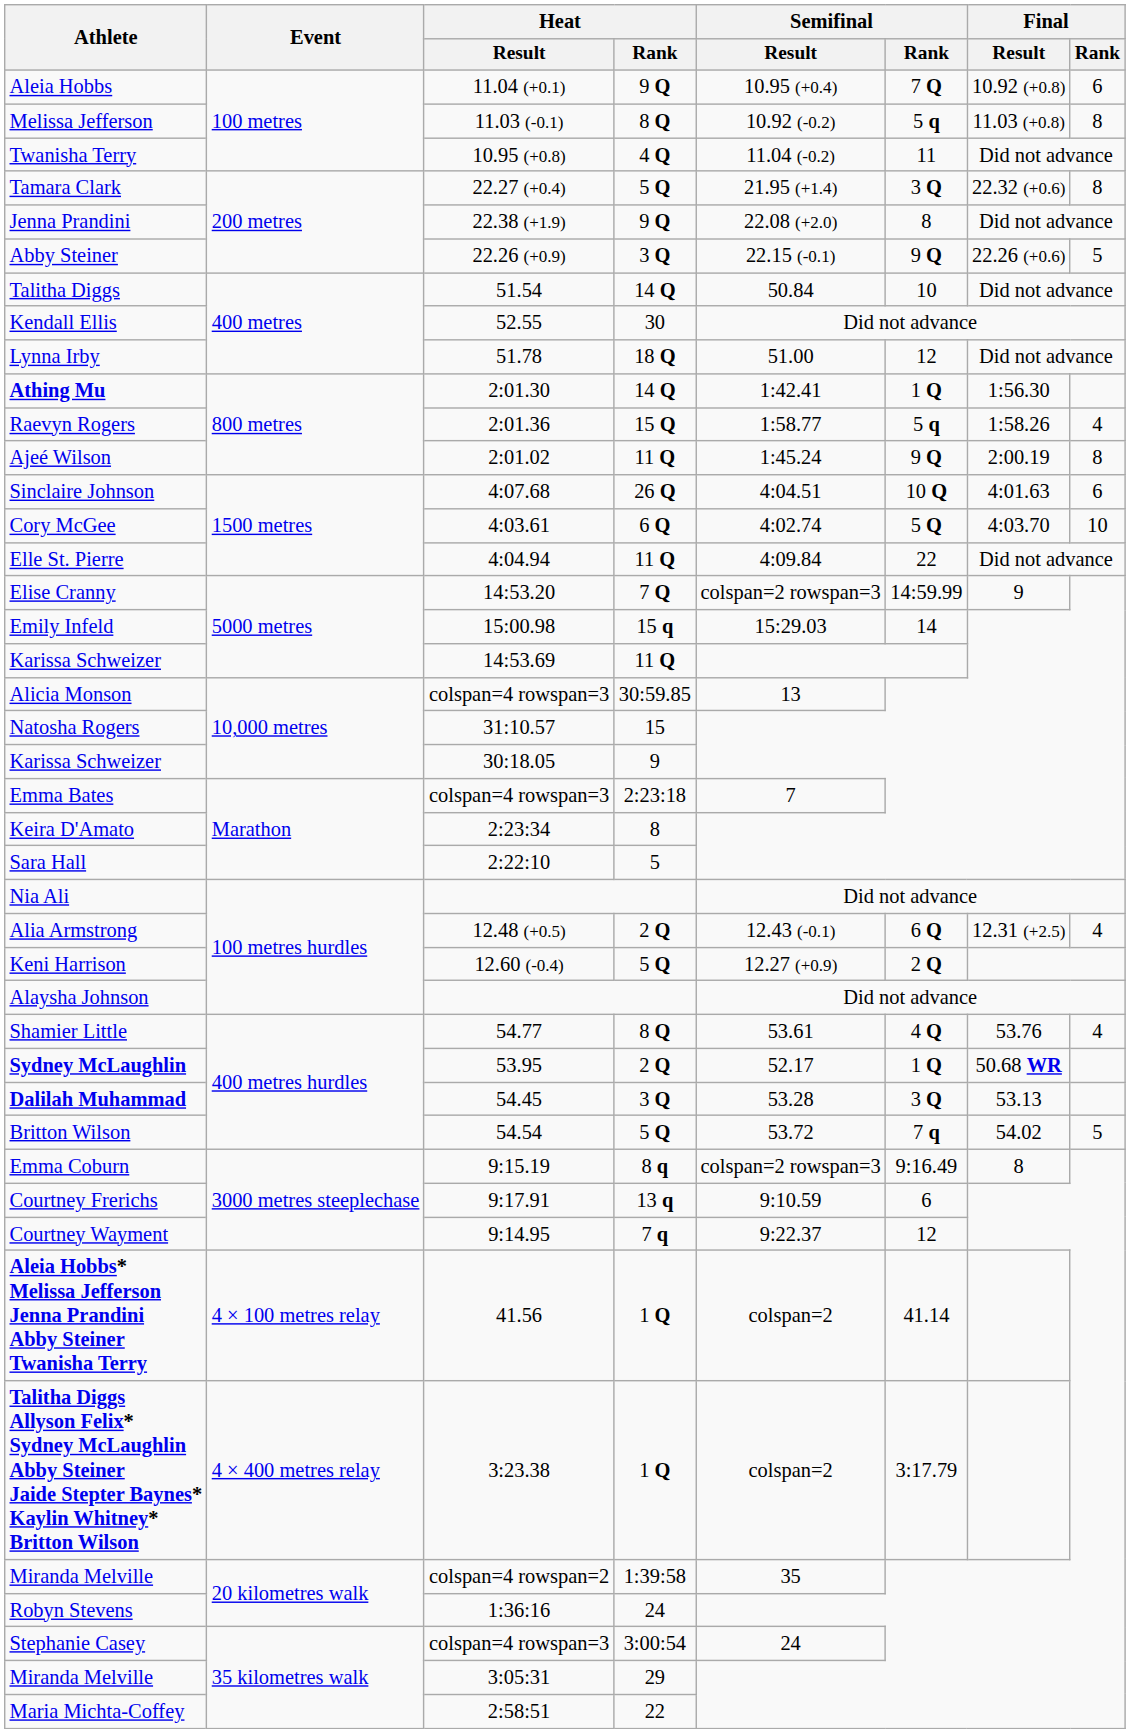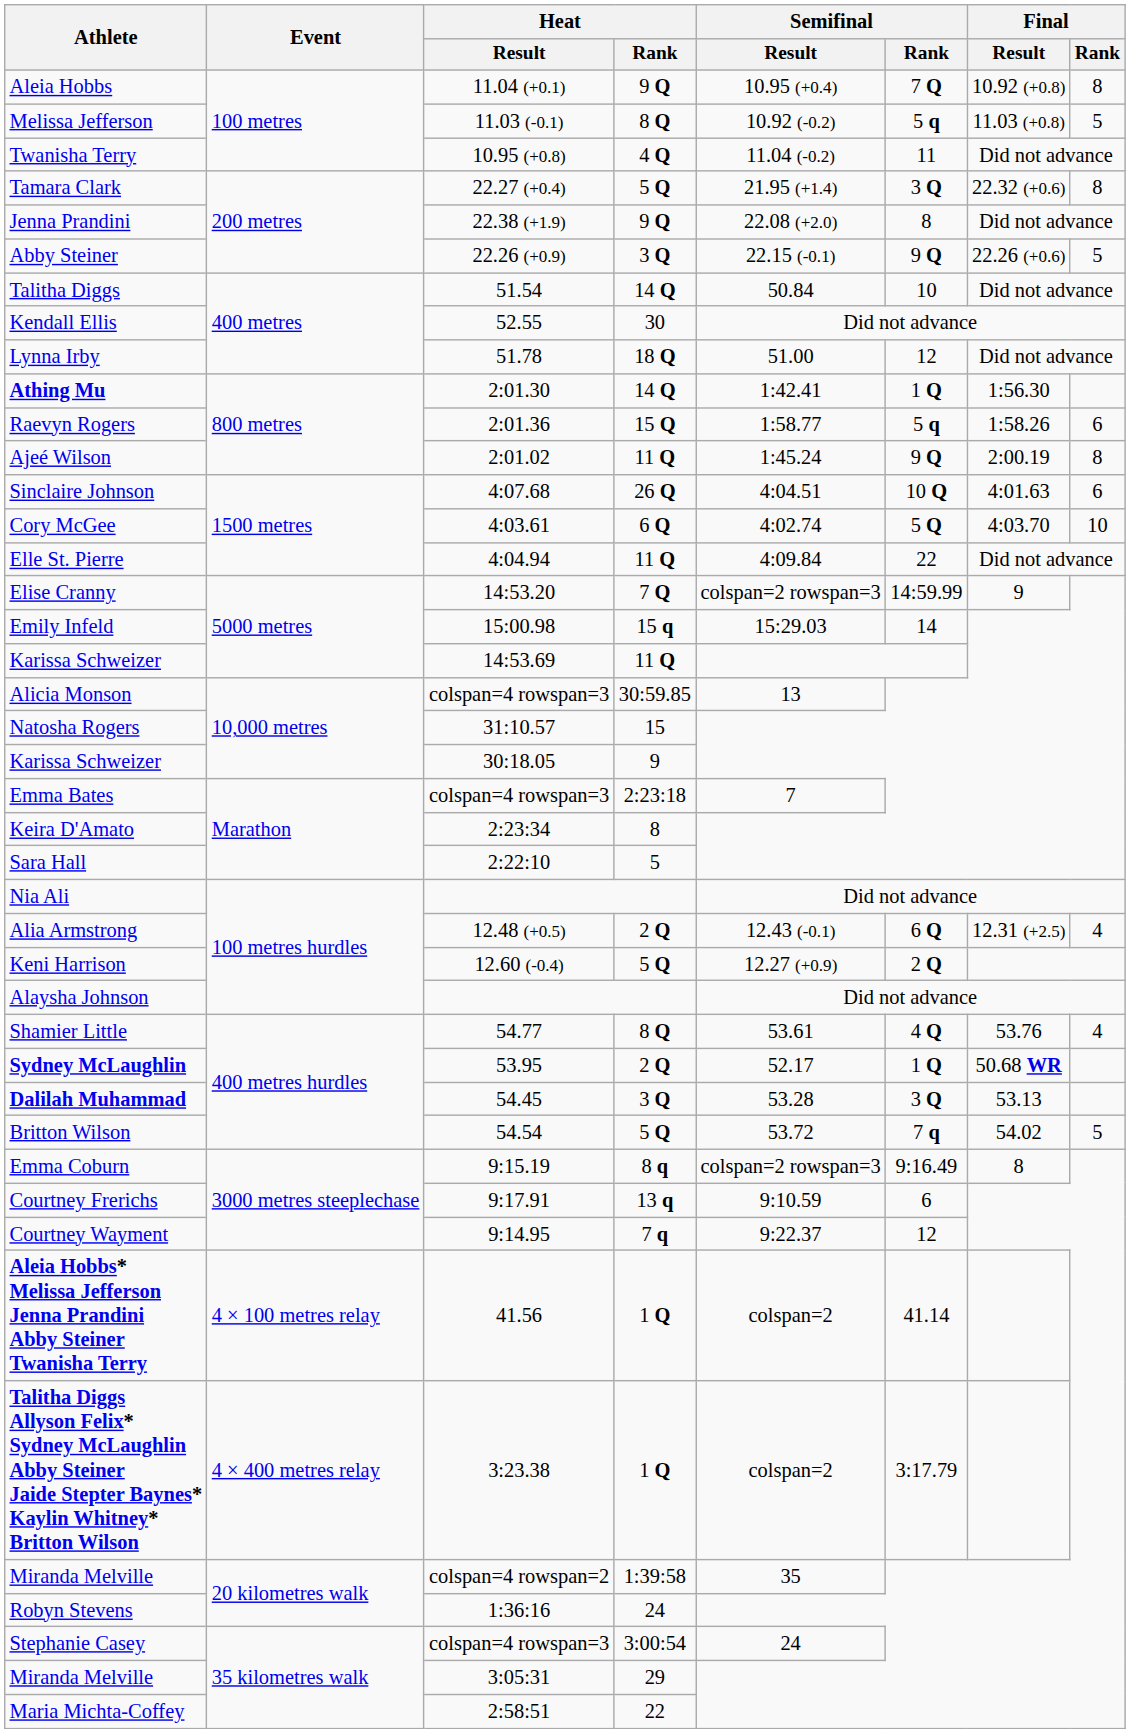 <table class="wikitable" style="font-size:90%">
 <tr>
 <th rowspan="2">Athlete</th>
 <th rowspan="2">Event</th>
 <th colspan="2">Heat</th>
 <th colspan="2">Semifinal</th>
 <th colspan="2">Final</th>
 </tr>
 <tr style="font-size:95%">
 <th>Result</th>
 <th>Rank</th>
 <th>Result</th>
 <th>Rank</th>
 <th>Result</th>
 <th>Rank</th>
 </tr>
 <tr align="center">
 <td align="left"><a href='#'>Aleia Hobbs</a></td>
 <td rowspan="3" align="left"><a href='#'>100 metres</a></td>
 <td>11.04 <small>(+0.1)</small></td>
 <td>9 <strong>Q</strong></td>
 <td>10.95 <small>(+0.4)</small></td>
 <td>7 <strong>Q</strong></td>
 <td>10.92 <small>(+0.8)</small></td>
-<td>6</td>
+<td>8</td>
 </tr>
 <tr align="center">
 <td align="left"><a href='#'>Melissa Jefferson</a></td>
 <td>11.03 <small>(-0.1)</small></td>
 <td>8 <strong>Q</strong></td>
 <td>10.92 <small>(-0.2)</small></td>
 <td>5 <strong>q</strong></td>
 <td>11.03 <small>(+0.8)</small></td>
-<td>8</td>
+<td>5</td>
 </tr>
 <tr align="center">
 <td align="left"><a href='#'>Twanisha Terry</a></td>
 <td>10.95 <small>(+0.8)</small></td>
 <td>4 <strong>Q</strong></td>
 <td>11.04 <small>(-0.2)</small></td>
 <td>11</td>
 <td colspan="2">Did not advance</td>
 </tr>
 <tr align="center">
 <td align="left"><a href='#'>Tamara Clark</a></td>
 <td rowspan="3" align="left"><a href='#'>200 metres</a></td>
 <td>22.27 <small>(+0.4)</small></td>
 <td>5 <strong>Q</strong></td>
 <td>21.95 <small>(+1.4)</small></td>
 <td>3 <strong>Q</strong></td>
 <td>22.32 <small>(+0.6)</small></td>
 <td>8</td>
 </tr>
 <tr align="center">
 <td align="left"><a href='#'>Jenna Prandini</a></td>
 <td>22.38 <small>(+1.9)</small></td>
 <td>9 <strong>Q</strong></td>
 <td>22.08 <small>(+2.0)</small></td>
 <td>8</td>
 <td colspan="2">Did not advance</td>
 </tr>
 <tr align="center">
 <td align="left"><a href='#'>Abby Steiner</a></td>
 <td>22.26 <small>(+0.9)</small></td>
 <td>3 <strong>Q</strong></td>
 <td>22.15 <small>(-0.1)</small></td>
 <td>9 <strong>Q</strong></td>
 <td>22.26 <small>(+0.6)</small></td>
 <td>5</td>
 </tr>
 <tr align="center">
 <td align="left"><a href='#'>Talitha Diggs</a></td>
 <td rowspan="3" align="left"><a href='#'>400 metres</a></td>
 <td>51.54</td>
 <td>14 <strong>Q</strong></td>
 <td>50.84</td>
 <td>10</td>
 <td colspan="2">Did not advance</td>
 </tr>
 <tr align="center">
 <td align="left"><a href='#'>Kendall Ellis</a></td>
 <td>52.55</td>
 <td>30</td>
 <td colspan="4">Did not advance</td>
 </tr>
 <tr align="center">
 <td align="left"><a href='#'>Lynna Irby</a></td>
 <td>51.78</td>
 <td>18 <strong>Q</strong></td>
 <td>51.00</td>
 <td>12</td>
 <td colspan="2">Did not advance</td>
 </tr>
 <tr align="center">
 <td align="left"><strong><a href='#'>Athing Mu</a></strong></td>
 <td rowspan="3" align="left"><a href='#'>800 metres</a></td>
 <td>2:01.30</td>
 <td>14 <strong>Q</strong></td>
 <td>1:42.41</td>
 <td>1 <strong>Q</strong></td>
 <td>1:56.30</td>
 <td></td>
 </tr>
 <tr align="center">
 <td align="left"><a href='#'>Raevyn Rogers</a></td>
 <td>2:01.36</td>
 <td>15 <strong>Q</strong></td>
 <td>1:58.77</td>
 <td>5 <strong>q</strong></td>
 <td>1:58.26</td>
-<td>4</td>
+<td>6</td>
 </tr>
 <tr align="center">
 <td align="left"><a href='#'>Ajeé Wilson</a></td>
 <td>2:01.02</td>
 <td>11 <strong>Q</strong></td>
 <td>1:45.24</td>
 <td>9 <strong>Q</strong></td>
 <td>2:00.19</td>
 <td>8</td>
 </tr>
 <tr align="center">
 <td align="left"><a href='#'>Sinclaire Johnson</a></td>
 <td rowspan="3" align="left"><a href='#'>1500 metres</a></td>
 <td>4:07.68</td>
 <td>26 <strong>Q</strong></td>
 <td>4:04.51</td>
 <td>10 <strong>Q</strong></td>
 <td>4:01.63</td>
 <td>6</td>
 </tr>
 <tr align="center">
 <td align="left"><a href='#'>Cory McGee</a></td>
 <td>4:03.61</td>
 <td>6 <strong>Q</strong></td>
 <td>4:02.74</td>
 <td>5 <strong>Q</strong></td>
 <td>4:03.70</td>
 <td>10</td>
 </tr>
 <tr align="center">
 <td align="left"><a href='#'>Elle St. Pierre</a></td>
 <td>4:04.94</td>
 <td>11 <strong>Q</strong></td>
 <td>4:09.84</td>
 <td>22</td>
 <td colspan="2">Did not advance</td>
 </tr>
 <tr align="center">
 <td align="left"><a href='#'>Elise Cranny</a></td>
 <td rowspan="3" align="left"><a href='#'>5000 metres</a></td>
 <td>14:53.20</td>
 <td>7 <strong>Q</strong></td>
 <td>colspan=2 rowspan=3 </td>
 <td>14:59.99</td>
 <td>9</td>
 </tr>
 <tr align="center">
 <td align="left"><a href='#'>Emily Infeld</a></td>
 <td>15:00.98</td>
 <td>15 <strong>q</strong></td>
 <td>15:29.03</td>
 <td>14</td>
 </tr>
 <tr align="center">
 <td align="left"><a href='#'>Karissa Schweizer</a></td>
 <td>14:53.69</td>
 <td>11 <strong>Q</strong></td>
 <td colspan="2"></td>
 </tr>
 <tr align="center">
 <td align="left"><a href='#'>Alicia Monson</a></td>
 <td rowspan="3" align="left"><a href='#'>10,000 metres</a></td>
 <td>colspan=4 rowspan=3 </td>
 <td>30:59.85</td>
 <td>13</td>
 </tr>
 <tr align="center">
 <td align="left"><a href='#'>Natosha Rogers</a></td>
 <td>31:10.57</td>
 <td>15</td>
 </tr>
 <tr align="center">
 <td align="left"><a href='#'>Karissa Schweizer</a></td>
 <td>30:18.05</td>
 <td>9</td>
 </tr>
 <tr align="center">
 <td align="left"><a href='#'>Emma Bates</a></td>
 <td rowspan="3" align="left"><a href='#'>Marathon</a></td>
 <td>colspan=4 rowspan=3 </td>
 <td>2:23:18</td>
 <td>7</td>
 </tr>
 <tr align="center">
 <td align="left"><a href='#'>Keira D'Amato</a></td>
 <td>2:23:34</td>
 <td>8</td>
 </tr>
 <tr align="center">
 <td align="left"><a href='#'>Sara Hall</a></td>
 <td>2:22:10</td>
 <td>5</td>
 </tr>
 <tr align="center">
 <td align="left"><a href='#'>Nia Ali</a></td>
 <td rowspan="4" align="left"><a href='#'>100 metres hurdles</a></td>
 <td colspan="2"></td>
 <td colspan="4">Did not advance</td>
 </tr>
 <tr align="center">
 <td align="left"><a href='#'>Alia Armstrong</a></td>
 <td>12.48 <small>(+0.5)</small></td>
 <td>2 <strong>Q</strong></td>
 <td>12.43 <small>(-0.1)</small></td>
 <td>6 <strong>Q</strong></td>
 <td>12.31 <small>(+2.5)</small></td>
 <td>4</td>
 </tr>
 <tr align="center">
 <td align="left"><a href='#'>Keni Harrison</a></td>
 <td>12.60 <small>(-0.4)</small></td>
 <td>5 <strong>Q</strong></td>
 <td>12.27 <small>(+0.9)</small></td>
 <td>2 <strong>Q</strong></td>
 <td colspan="2"></td>
 </tr>
 <tr align="center">
 <td align="left"><a href='#'>Alaysha Johnson</a></td>
 <td colspan="2"></td>
 <td colspan="4">Did not advance</td>
 </tr>
 <tr align="center">
 <td align="left"><a href='#'>Shamier Little</a></td>
 <td rowspan="4" align="left"><a href='#'>400 metres hurdles</a></td>
 <td>54.77</td>
 <td>8 <strong>Q</strong></td>
 <td>53.61</td>
 <td>4 <strong>Q</strong></td>
 <td>53.76</td>
 <td>4</td>
 </tr>
 <tr align="center">
 <td align="left"><strong><a href='#'>Sydney McLaughlin</a></strong></td>
 <td>53.95</td>
 <td>2 <strong>Q</strong></td>
 <td>52.17</td>
 <td>1 <strong>Q</strong></td>
 <td>50.68 <strong><a href='#'>WR</a></strong></td>
 <td></td>
 </tr>
 <tr align="center">
 <td align="left"><strong><a href='#'>Dalilah Muhammad</a></strong></td>
 <td>54.45</td>
 <td>3 <strong>Q</strong></td>
 <td>53.28</td>
 <td>3 <strong>Q</strong></td>
 <td>53.13</td>
 <td></td>
 </tr>
 <tr align="center">
 <td align="left"><a href='#'>Britton Wilson</a></td>
 <td>54.54</td>
 <td>5 <strong>Q</strong></td>
 <td>53.72</td>
 <td>7 <strong>q</strong></td>
 <td>54.02</td>
 <td>5</td>
 </tr>
 <tr align="center">
 <td align="left"><a href='#'>Emma Coburn</a></td>
 <td rowspan="3" align="left"><a href='#'>3000 metres steeplechase</a></td>
 <td>9:15.19</td>
 <td>8 <strong>q</strong></td>
 <td>colspan=2 rowspan=3 </td>
 <td>9:16.49</td>
 <td>8</td>
 </tr>
 <tr align="center">
 <td align="left"><a href='#'>Courtney Frerichs</a></td>
 <td>9:17.91</td>
 <td>13 <strong>q</strong></td>
 <td>9:10.59</td>
 <td>6</td>
 </tr>
 <tr align="center">
 <td align="left"><a href='#'>Courtney Wayment</a></td>
 <td>9:14.95</td>
 <td>7 <strong>q</strong></td>
 <td>9:22.37</td>
 <td>12</td>
 </tr>
 <tr align="center">
 <td align="left"><strong><a href='#'>Aleia Hobbs</a>*<br><a href='#'>Melissa Jefferson</a><br><a href='#'>Jenna Prandini</a><br><a href='#'>Abby Steiner</a><br><a href='#'>Twanisha Terry</a></strong></td>
 <td align="left"><a href='#'>4 × 100 metres relay</a></td>
 <td>41.56</td>
 <td>1 <strong>Q</strong></td>
 <td>colspan=2 </td>
 <td>41.14</td>
 <td></td>
 </tr>
 <tr align="center">
 <td align="left"><strong><a href='#'>Talitha Diggs</a><br><a href='#'>Allyson Felix</a>*<br><a href='#'>Sydney McLaughlin</a><br><a href='#'>Abby Steiner</a><br><a href='#'>Jaide Stepter Baynes</a>*<br><a href='#'>Kaylin Whitney</a>*<br><a href='#'>Britton Wilson</a></strong></td>
 <td align="left"><a href='#'>4 × 400 metres relay</a></td>
 <td>3:23.38</td>
 <td>1 <strong>Q</strong></td>
 <td>colspan=2 </td>
 <td>3:17.79</td>
 <td></td>
 </tr>
 <tr align="center">
 <td align="left"><a href='#'>Miranda Melville</a></td>
 <td rowspan="2" align="left"><a href='#'>20 kilometres walk</a></td>
 <td>colspan=4 rowspan=2 </td>
 <td>1:39:58</td>
 <td>35</td>
 </tr>
 <tr align="center">
 <td align="left"><a href='#'>Robyn Stevens</a></td>
 <td>1:36:16</td>
 <td>24</td>
 </tr>
 <tr align="center">
 <td align="left"><a href='#'>Stephanie Casey</a></td>
 <td rowspan="3" align="left"><a href='#'>35 kilometres walk</a></td>
 <td>colspan=4 rowspan=3 </td>
 <td>3:00:54</td>
 <td>24</td>
 </tr>
 <tr align="center">
 <td align="left"><a href='#'>Miranda Melville</a></td>
 <td>3:05:31</td>
 <td>29</td>
 </tr>
 <tr align="center">
 <td align="left"><a href='#'>Maria Michta-Coffey</a></td>
 <td>2:58:51</td>
 <td>22</td>
 </tr>
 </table>
